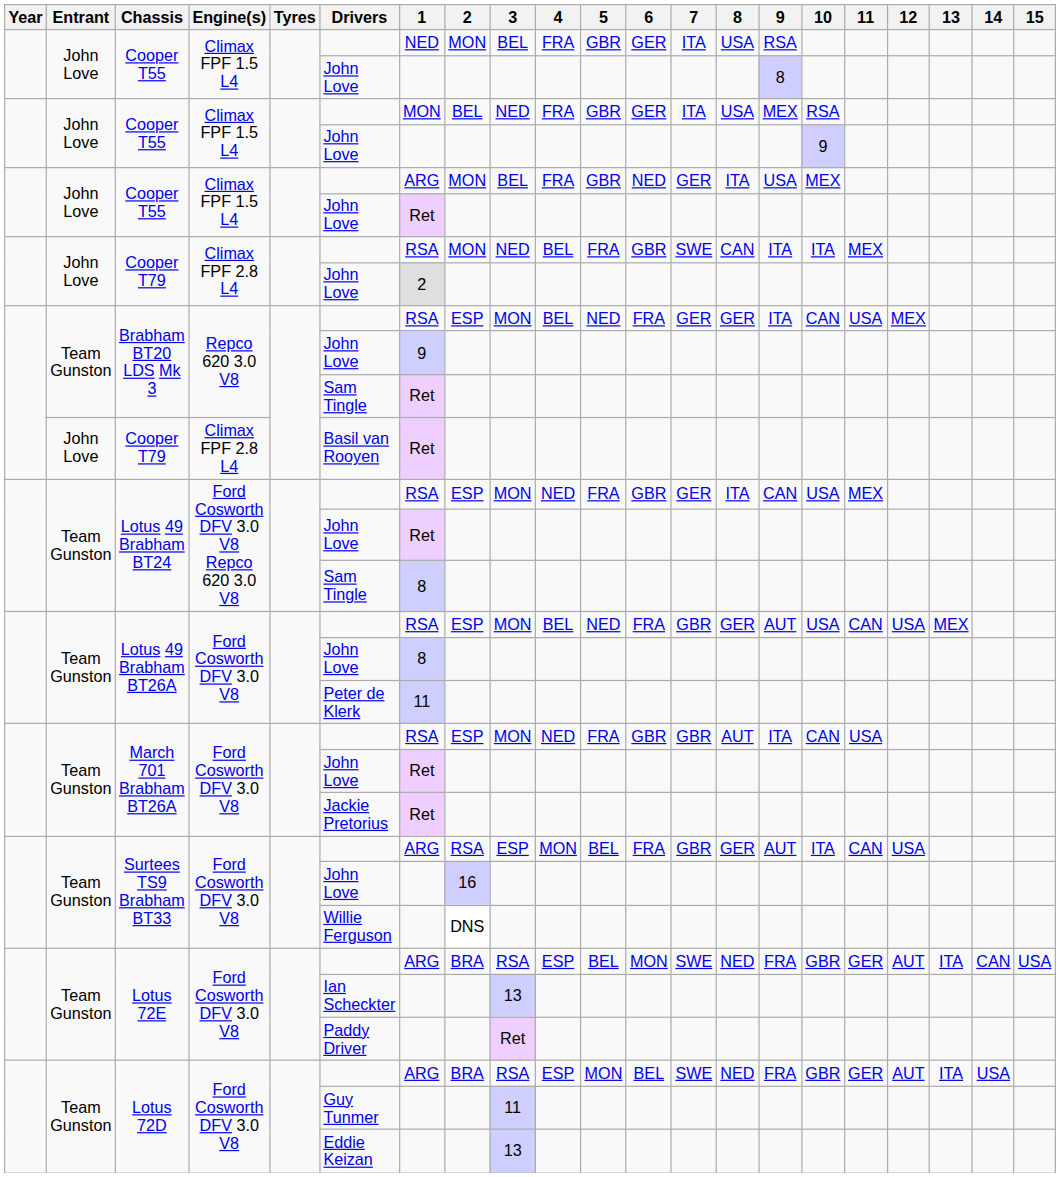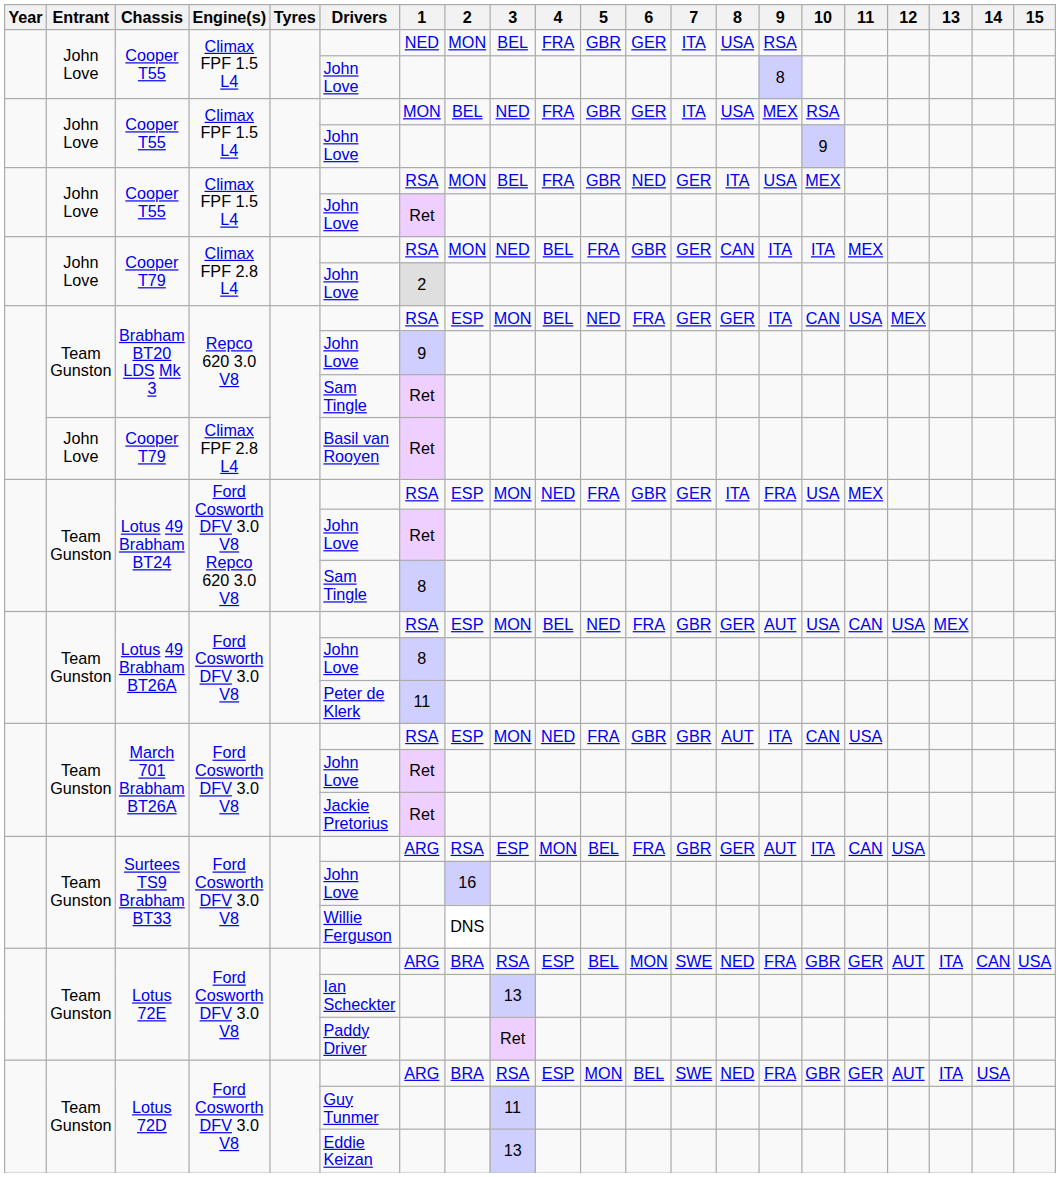 <table class="wikitable" style="text-align:center; font-size:85%">
 <tr>
 <th>Year</th>
 <th>Entrant</th>
 <th>Chassis</th>
 <th>Engine(s)</th>
 <th>Tyres</th>
 <th>Drivers</th>
 <th>1</th>
 <th>2</th>
 <th>3</th>
 <th>4</th>
 <th>5</th>
 <th>6</th>
 <th>7</th>
 <th>8</th>
 <th>9</th>
 <th>10</th>
 <th>11</th>
 <th>12</th>
 <th>13</th>
 <th>14</th>
 <th>15</th>
 </tr>
 <tr>
 <td rowspan="2"></td>
 <td rowspan="2">John Love</td>
 <td rowspan="2"><a href='#'>Cooper</a> <a href='#'>T55</a></td>
 <td rowspan="2"><a href='#'>Climax</a> FPF 1.5 <a href='#'>L4</a></td>
 <td rowspan="2"></td>
 <td></td>
 <td><a href='#'>NED</a></td>
 <td><a href='#'>MON</a></td>
 <td><a href='#'>BEL</a></td>
 <td><a href='#'>FRA</a></td>
 <td><a href='#'>GBR</a></td>
 <td><a href='#'>GER</a></td>
 <td><a href='#'>ITA</a></td>
 <td><a href='#'>USA</a></td>
 <td><a href='#'>RSA</a></td>
 <td></td>
 <td></td>
 <td></td>
 <td></td>
 <td></td>
 <td></td>
 </tr>
 <tr>
 <td align="left"> <a href='#'>John Love</a></td>
 <td></td>
 <td></td>
 <td></td>
 <td></td>
 <td></td>
 <td></td>
 <td></td>
 <td></td>
 <td style="background:#cfcfff;">8</td>
 <td></td>
 <td></td>
 <td></td>
 <td></td>
 <td></td>
 <td></td>
 </tr>
 <tr>
 <td rowspan="2"></td>
 <td rowspan="2">John Love</td>
 <td rowspan="2"><a href='#'>Cooper</a> <a href='#'>T55</a></td>
 <td rowspan="2"><a href='#'>Climax</a> FPF 1.5 <a href='#'>L4</a></td>
 <td rowspan="2"></td>
 <td></td>
 <td><a href='#'>MON</a></td>
 <td><a href='#'>BEL</a></td>
 <td><a href='#'>NED</a></td>
 <td><a href='#'>FRA</a></td>
 <td><a href='#'>GBR</a></td>
 <td><a href='#'>GER</a></td>
 <td><a href='#'>ITA</a></td>
 <td><a href='#'>USA</a></td>
 <td><a href='#'>MEX</a></td>
 <td><a href='#'>RSA</a></td>
 <td></td>
 <td></td>
 <td></td>
 <td></td>
 <td></td>
 </tr>
 <tr>
 <td align="left"> <a href='#'>John Love</a></td>
 <td></td>
 <td></td>
 <td></td>
 <td></td>
 <td></td>
 <td></td>
 <td></td>
 <td></td>
 <td></td>
 <td style="background:#cfcfff;">9</td>
 <td></td>
 <td></td>
 <td></td>
 <td></td>
 <td></td>
 </tr>
 <tr>
 <td rowspan="2"></td>
 <td rowspan="2">John Love</td>
 <td rowspan="2"><a href='#'>Cooper</a> <a href='#'>T55</a></td>
 <td rowspan="2"><a href='#'>Climax</a> FPF 1.5 <a href='#'>L4</a></td>
 <td rowspan="2"></td>
 <td></td>
-<td><a href='#'>ARG</a></td>
+<td><a href='#'>RSA</a></td>
 <td><a href='#'>MON</a></td>
 <td><a href='#'>BEL</a></td>
 <td><a href='#'>FRA</a></td>
 <td><a href='#'>GBR</a></td>
 <td><a href='#'>NED</a></td>
 <td><a href='#'>GER</a></td>
 <td><a href='#'>ITA</a></td>
 <td><a href='#'>USA</a></td>
 <td><a href='#'>MEX</a></td>
 <td></td>
 <td></td>
 <td></td>
 <td></td>
 <td></td>
 </tr>
 <tr>
 <td align="left"> <a href='#'>John Love</a></td>
 <td style="background:#EFCFFF;">Ret</td>
 <td></td>
 <td></td>
 <td></td>
 <td></td>
 <td></td>
 <td></td>
 <td></td>
 <td></td>
 <td></td>
 <td></td>
 <td></td>
 <td></td>
 <td></td>
 <td></td>
 </tr>
 <tr>
 <td rowspan="2"></td>
 <td rowspan="2">John Love</td>
 <td rowspan="2"><a href='#'>Cooper</a> <a href='#'>T79</a></td>
 <td rowspan="2"><a href='#'>Climax</a> FPF 2.8 <a href='#'>L4</a></td>
 <td rowspan="2"></td>
 <td></td>
 <td><a href='#'>RSA</a></td>
 <td><a href='#'>MON</a></td>
 <td><a href='#'>NED</a></td>
 <td><a href='#'>BEL</a></td>
 <td><a href='#'>FRA</a></td>
 <td><a href='#'>GBR</a></td>
-<td><a href='#'>SWE</a></td>
+<td><a href='#'>GER</a></td>
 <td><a href='#'>CAN</a></td>
 <td><a href='#'>ITA</a></td>
 <td><a href='#'>ITA</a></td>
 <td><a href='#'>MEX</a></td>
 <td></td>
 <td></td>
 <td></td>
 <td></td>
 </tr>
 <tr>
 <td align="left"> <a href='#'>John Love</a></td>
 <td style="background:#DFDFDF;">2</td>
 <td></td>
 <td></td>
 <td></td>
 <td></td>
 <td></td>
 <td></td>
 <td></td>
 <td></td>
 <td></td>
 <td></td>
 <td></td>
 <td></td>
 <td></td>
 <td></td>
 </tr>
 <tr>
 <td rowspan="4"></td>
 <td rowspan="3">Team Gunston</td>
 <td rowspan="3"><a href='#'>Brabham</a> <a href='#'>BT20</a><br><a href='#'>LDS</a> <a href='#'>Mk 3</a></td>
 <td rowspan="3"><a href='#'>Repco</a> 620 3.0 <a href='#'>V8</a></td>
 <td rowspan="4"><br></td>
 <td></td>
 <td><a href='#'>RSA</a></td>
 <td><a href='#'>ESP</a></td>
 <td><a href='#'>MON</a></td>
 <td><a href='#'>BEL</a></td>
 <td><a href='#'>NED</a></td>
 <td><a href='#'>FRA</a></td>
 <td><a href='#'>GER</a></td>
 <td><a href='#'>GER</a></td>
 <td><a href='#'>ITA</a></td>
 <td><a href='#'>CAN</a></td>
 <td><a href='#'>USA</a></td>
 <td><a href='#'>MEX</a></td>
 <td></td>
 <td></td>
 <td></td>
 </tr>
 <tr>
 <td align="left"> <a href='#'>John Love</a></td>
 <td style="background:#cfcfff;">9</td>
 <td></td>
 <td></td>
 <td></td>
 <td></td>
 <td></td>
 <td></td>
 <td></td>
 <td></td>
 <td></td>
 <td></td>
 <td></td>
 <td></td>
 <td></td>
 <td></td>
 </tr>
 <tr>
 <td align="left"> <a href='#'>Sam Tingle</a></td>
 <td style="background:#EFCFFF;">Ret</td>
 <td></td>
 <td></td>
 <td></td>
 <td></td>
 <td></td>
 <td></td>
 <td></td>
 <td></td>
 <td></td>
 <td></td>
 <td></td>
 <td></td>
 <td></td>
 <td></td>
 </tr>
 <tr>
 <td>John Love</td>
 <td><a href='#'>Cooper</a> <a href='#'>T79</a></td>
 <td><a href='#'>Climax</a> FPF 2.8 <a href='#'>L4</a></td>
 <td align="left"> <a href='#'>Basil van Rooyen</a></td>
 <td style="background:#EFCFFF;">Ret</td>
 <td></td>
 <td></td>
 <td></td>
 <td></td>
 <td></td>
 <td></td>
 <td></td>
 <td></td>
 <td></td>
 <td></td>
 <td></td>
 <td></td>
 <td></td>
 <td></td>
 </tr>
 <tr>
 <td rowspan="3"></td>
 <td rowspan="3">Team Gunston</td>
 <td rowspan="3"><a href='#'>Lotus</a> <a href='#'>49</a><br><a href='#'>Brabham</a> <a href='#'>BT24</a></td>
 <td rowspan="3"><a href='#'>Ford</a> <a href='#'>Cosworth DFV</a> 3.0 <a href='#'>V8</a><br><a href='#'>Repco</a> 620 3.0 <a href='#'>V8</a></td>
 <td rowspan="3"><br></td>
 <td></td>
 <td><a href='#'>RSA</a></td>
 <td><a href='#'>ESP</a></td>
 <td><a href='#'>MON</a></td>
 <td><a href='#'>NED</a></td>
 <td><a href='#'>FRA</a></td>
 <td><a href='#'>GBR</a></td>
 <td><a href='#'>GER</a></td>
 <td><a href='#'>ITA</a></td>
-<td><a href='#'>CAN</a></td>
+<td><a href='#'>FRA</a></td>
 <td><a href='#'>USA</a></td>
 <td><a href='#'>MEX</a></td>
 <td></td>
 <td></td>
 <td></td>
 <td></td>
 </tr>
 <tr>
 <td align="left"> <a href='#'>John Love</a></td>
 <td style="background:#EFCFFF;">Ret</td>
 <td></td>
 <td></td>
 <td></td>
 <td></td>
 <td></td>
 <td></td>
 <td></td>
 <td></td>
 <td></td>
 <td></td>
 <td></td>
 <td></td>
 <td></td>
 <td></td>
 </tr>
 <tr>
 <td align="left"> <a href='#'>Sam Tingle</a></td>
 <td style="background:#cfcfff;">8</td>
 <td></td>
 <td></td>
 <td></td>
 <td></td>
 <td></td>
 <td></td>
 <td></td>
 <td></td>
 <td></td>
 <td></td>
 <td></td>
 <td></td>
 <td></td>
 <td></td>
 </tr>
 <tr>
 <td rowspan="3"></td>
 <td rowspan="3">Team Gunston</td>
 <td rowspan="3"><a href='#'>Lotus</a> <a href='#'>49</a><br><a href='#'>Brabham</a> <a href='#'>BT26A</a></td>
 <td rowspan="3"><a href='#'>Ford</a> <a href='#'>Cosworth DFV</a> 3.0 <a href='#'>V8</a></td>
 <td rowspan="3"><br></td>
 <td></td>
 <td><a href='#'>RSA</a></td>
 <td><a href='#'>ESP</a></td>
 <td><a href='#'>MON</a></td>
 <td><a href='#'>BEL</a></td>
 <td><a href='#'>NED</a></td>
 <td><a href='#'>FRA</a></td>
 <td><a href='#'>GBR</a></td>
 <td><a href='#'>GER</a></td>
 <td><a href='#'>AUT</a></td>
 <td><a href='#'>USA</a></td>
 <td><a href='#'>CAN</a></td>
 <td><a href='#'>USA</a></td>
 <td><a href='#'>MEX</a></td>
 <td></td>
 <td></td>
 </tr>
 <tr>
 <td align="left"> <a href='#'>John Love</a></td>
 <td style="background:#cfcfff;">8</td>
 <td></td>
 <td></td>
 <td></td>
 <td></td>
 <td></td>
 <td></td>
 <td></td>
 <td></td>
 <td></td>
 <td></td>
 <td></td>
 <td></td>
 <td></td>
 <td></td>
 </tr>
 <tr>
 <td align="left"> <a href='#'>Peter de Klerk</a></td>
 <td style="background:#cfcfff;">11</td>
 <td></td>
 <td></td>
 <td></td>
 <td></td>
 <td></td>
 <td></td>
 <td></td>
 <td></td>
 <td></td>
 <td></td>
 <td></td>
 <td></td>
 <td></td>
 <td></td>
 </tr>
 <tr>
 <td rowspan="3"></td>
 <td rowspan="3">Team Gunston</td>
 <td rowspan="3"><a href='#'>March</a> <a href='#'>701</a><br><a href='#'>Brabham</a> <a href='#'>BT26A</a></td>
 <td rowspan="3"><a href='#'>Ford</a> <a href='#'>Cosworth DFV</a> 3.0 <a href='#'>V8</a></td>
 <td rowspan="3"></td>
 <td></td>
 <td><a href='#'>RSA</a></td>
 <td><a href='#'>ESP</a></td>
 <td><a href='#'>MON</a></td>
 <td><a href='#'>NED</a></td>
 <td><a href='#'>FRA</a></td>
 <td><a href='#'>GBR</a></td>
 <td><a href='#'>GBR</a></td>
 <td><a href='#'>AUT</a></td>
 <td><a href='#'>ITA</a></td>
 <td><a href='#'>CAN</a></td>
 <td><a href='#'>USA</a></td>
 <td></td>
 <td></td>
 <td></td>
 <td></td>
 </tr>
 <tr>
 <td align="left"> <a href='#'>John Love</a></td>
 <td style="background:#EFCFFF;">Ret</td>
 <td></td>
 <td></td>
 <td></td>
 <td></td>
 <td></td>
 <td></td>
 <td></td>
 <td></td>
 <td></td>
 <td></td>
 <td></td>
 <td></td>
 <td></td>
 <td></td>
 </tr>
 <tr>
 <td align="left"> <a href='#'>Jackie Pretorius</a></td>
 <td style="background:#EFCFFF;">Ret</td>
 <td></td>
 <td></td>
 <td></td>
 <td></td>
 <td></td>
 <td></td>
 <td></td>
 <td></td>
 <td></td>
 <td></td>
 <td></td>
 <td></td>
 <td></td>
 <td></td>
 </tr>
 <tr>
 <td rowspan="3"></td>
 <td rowspan="3">Team Gunston</td>
 <td rowspan="3"><a href='#'>Surtees</a> <a href='#'>TS9</a><br><a href='#'>Brabham</a> <a href='#'>BT33</a></td>
 <td rowspan="3"><a href='#'>Ford</a> <a href='#'>Cosworth DFV</a> 3.0 <a href='#'>V8</a></td>
 <td rowspan="3"></td>
 <td></td>
 <td><a href='#'>ARG</a></td>
 <td><a href='#'>RSA</a></td>
 <td><a href='#'>ESP</a></td>
 <td><a href='#'>MON</a></td>
 <td><a href='#'>BEL</a></td>
 <td><a href='#'>FRA</a></td>
 <td><a href='#'>GBR</a></td>
 <td><a href='#'>GER</a></td>
 <td><a href='#'>AUT</a></td>
 <td><a href='#'>ITA</a></td>
 <td><a href='#'>CAN</a></td>
 <td><a href='#'>USA</a></td>
 <td></td>
 <td></td>
 <td></td>
 </tr>
 <tr>
 <td align="left"> <a href='#'>John Love</a></td>
 <td></td>
 <td style="background:#cfcfff;">16</td>
 <td></td>
 <td></td>
 <td></td>
 <td></td>
 <td></td>
 <td></td>
 <td></td>
 <td></td>
 <td></td>
 <td></td>
 <td></td>
 <td></td>
 <td></td>
 </tr>
 <tr>
 <td align="left"> <a href='#'>Willie Ferguson</a></td>
 <td></td>
 <td style="background:#ffffff;">DNS</td>
 <td></td>
 <td></td>
 <td></td>
 <td></td>
 <td></td>
 <td></td>
 <td></td>
 <td></td>
 <td></td>
 <td></td>
 <td></td>
 <td></td>
 <td></td>
 </tr>
 <tr>
 <td rowspan="3"></td>
 <td rowspan="3">Team Gunston</td>
 <td rowspan="3"><a href='#'>Lotus</a> <a href='#'>72E</a></td>
 <td rowspan="3"><a href='#'>Ford</a> <a href='#'>Cosworth DFV</a> 3.0 <a href='#'>V8</a></td>
 <td rowspan="3"></td>
 <td></td>
 <td><a href='#'>ARG</a></td>
 <td><a href='#'>BRA</a></td>
 <td><a href='#'>RSA</a></td>
 <td><a href='#'>ESP</a></td>
 <td><a href='#'>BEL</a></td>
 <td><a href='#'>MON</a></td>
 <td><a href='#'>SWE</a></td>
 <td><a href='#'>NED</a></td>
 <td><a href='#'>FRA</a></td>
 <td><a href='#'>GBR</a></td>
 <td><a href='#'>GER</a></td>
 <td><a href='#'>AUT</a></td>
 <td><a href='#'>ITA</a></td>
 <td><a href='#'>CAN</a></td>
 <td><a href='#'>USA</a></td>
 </tr>
 <tr>
 <td align="left"> <a href='#'>Ian Scheckter</a></td>
 <td></td>
 <td></td>
 <td style="background:#cfcfff;">13</td>
 <td></td>
 <td></td>
 <td></td>
 <td></td>
 <td></td>
 <td></td>
 <td></td>
 <td></td>
 <td></td>
 <td></td>
 <td></td>
 <td></td>
 </tr>
 <tr>
 <td align="left"> <a href='#'>Paddy Driver</a></td>
 <td></td>
 <td></td>
 <td style="background:#EFCFFF;">Ret</td>
 <td></td>
 <td></td>
 <td></td>
 <td></td>
 <td></td>
 <td></td>
 <td></td>
 <td></td>
 <td></td>
 <td></td>
 <td></td>
 <td></td>
 </tr>
 <tr>
 <td rowspan="3"></td>
 <td rowspan="3">Team Gunston</td>
 <td rowspan="3"><a href='#'>Lotus</a> <a href='#'>72D</a></td>
 <td rowspan="3"><a href='#'>Ford</a> <a href='#'>Cosworth DFV</a> 3.0 <a href='#'>V8</a></td>
 <td rowspan="3"></td>
 <td></td>
 <td><a href='#'>ARG</a></td>
 <td><a href='#'>BRA</a></td>
 <td><a href='#'>RSA</a></td>
 <td><a href='#'>ESP</a></td>
 <td><a href='#'>MON</a></td>
 <td><a href='#'>BEL</a></td>
 <td><a href='#'>SWE</a></td>
 <td><a href='#'>NED</a></td>
 <td><a href='#'>FRA</a></td>
 <td><a href='#'>GBR</a></td>
 <td><a href='#'>GER</a></td>
 <td><a href='#'>AUT</a></td>
 <td><a href='#'>ITA</a></td>
 <td><a href='#'>USA</a></td>
 <td></td>
 </tr>
 <tr>
 <td align="left"> <a href='#'>Guy Tunmer</a></td>
 <td></td>
 <td></td>
 <td style="background:#cfcfff;">11</td>
 <td></td>
 <td></td>
 <td></td>
 <td></td>
 <td></td>
 <td></td>
 <td></td>
 <td></td>
 <td></td>
 <td></td>
 <td></td>
 <td></td>
 </tr>
 <tr>
 <td align="left"> <a href='#'>Eddie Keizan</a></td>
 <td></td>
 <td></td>
 <td style="background:#cfcfff;">13</td>
 <td></td>
 <td></td>
 <td></td>
 <td></td>
 <td></td>
 <td></td>
 <td></td>
 <td></td>
 <td></td>
 <td></td>
 <td></td>
 <td></td>
 </tr>
 </table>
